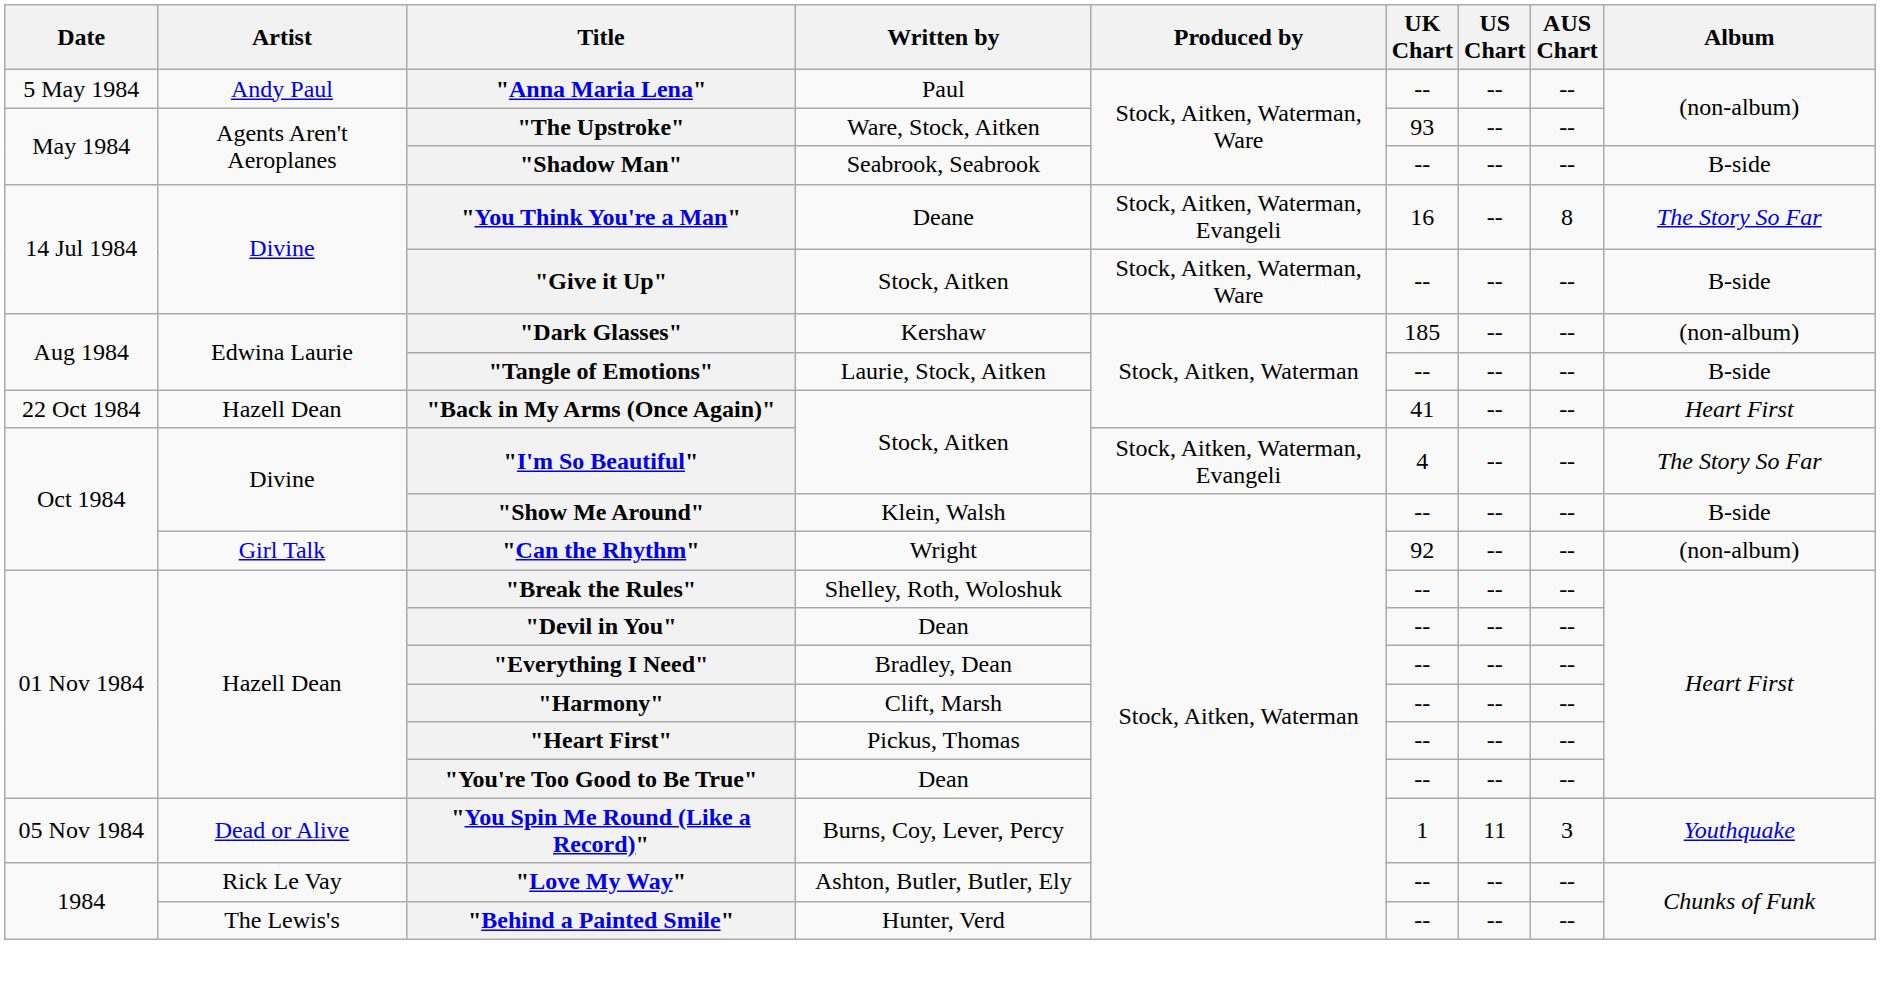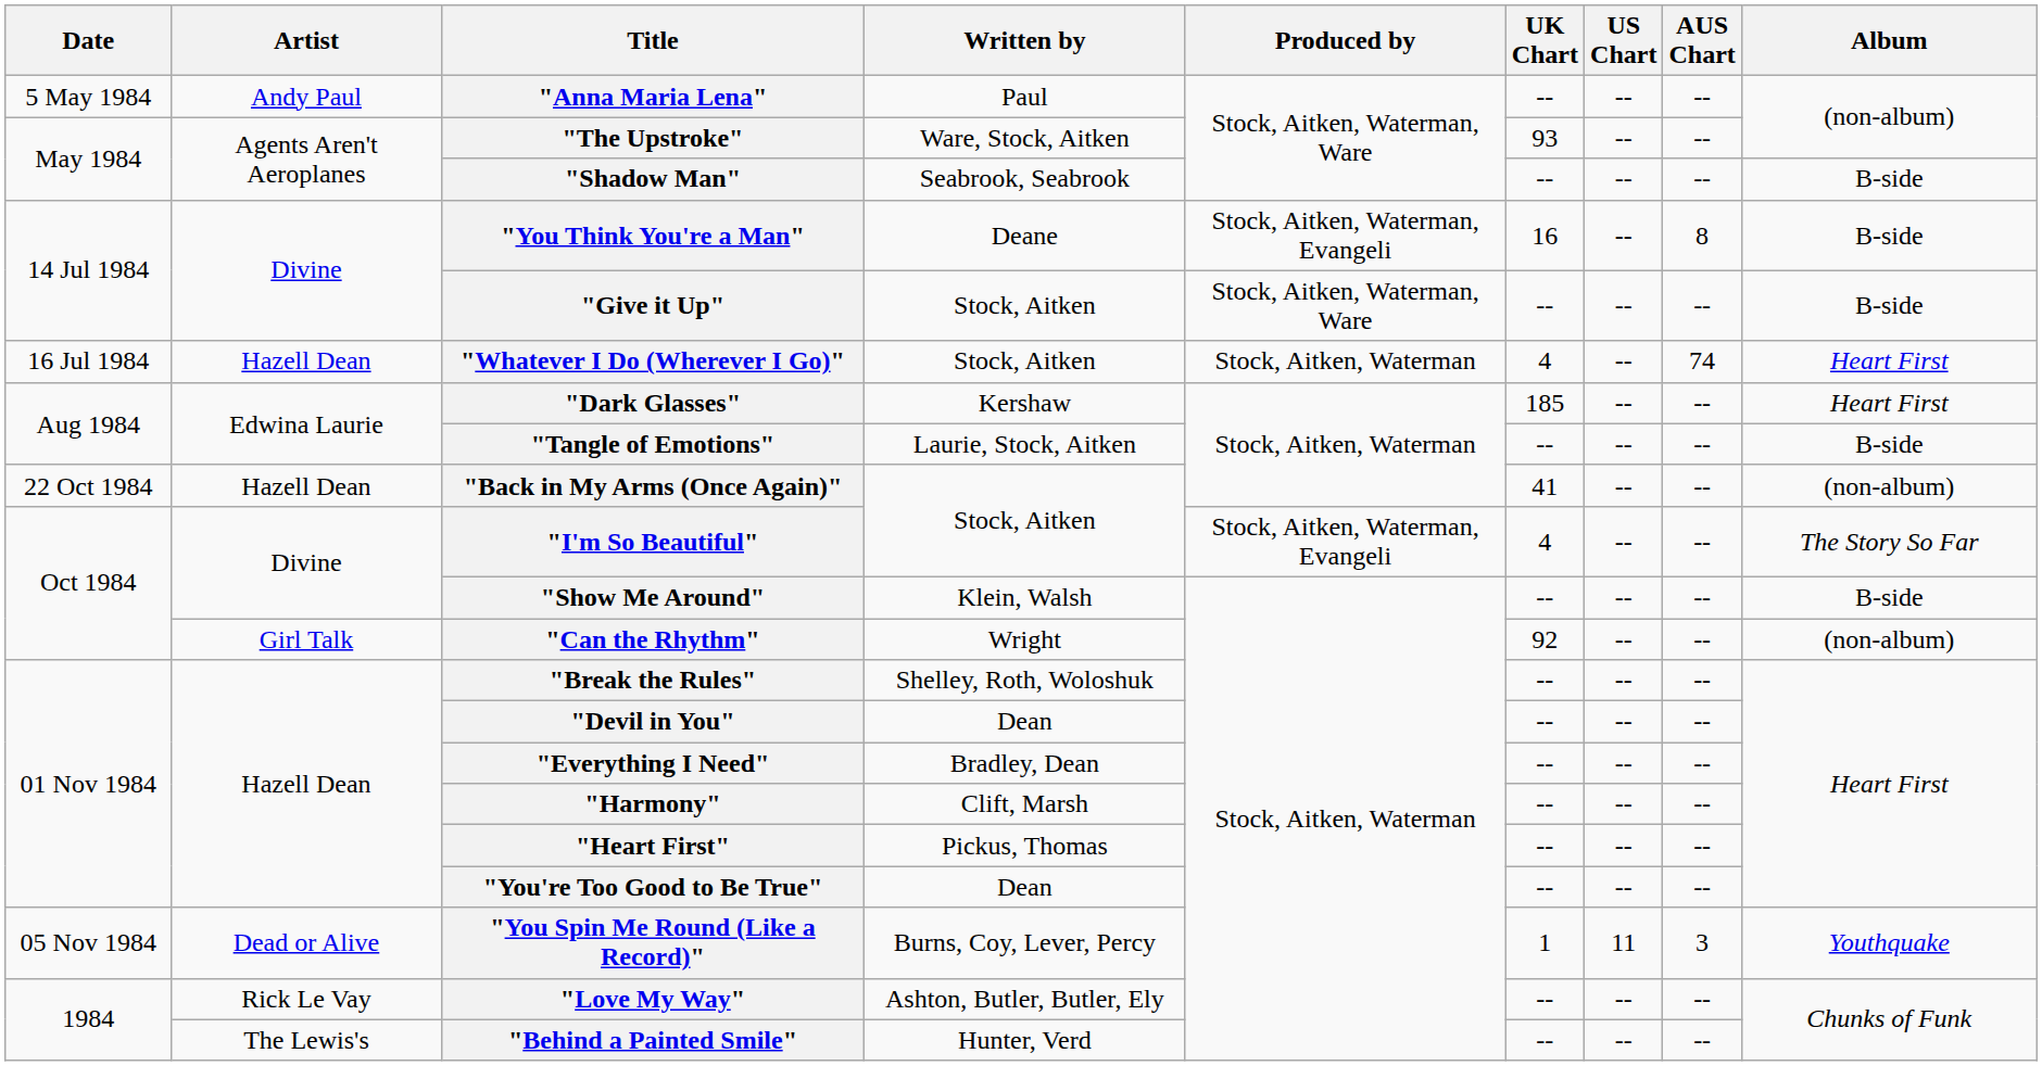 <table class="wikitable plainrowheaders" style="text-align:center;">
 <tr>
 <th scope="col" style="width:6em;">Date</th>
 <th scope="col" style="width:10em;">Artist</th>
 <th scope="col" style="width:16em;">Title</th>
 <th scope="col" style="width:12em;">Written by</th>
 <th scope="col" style="width:12em;">Produced by</th>
 <th scope="col" style="width:1em;">UK Chart</th>
 <th scope="col" style="width:1em;">US Chart</th>
 <th scope="col" style="width:1em;">AUS Chart</th>
 <th scope="col" style="width:11em;">Album</th>
 </tr>
 <tr>
 <td>5 May 1984</td>
 <td><a href='#'>Andy Paul</a></td>
 <th scope="row">"<a href='#'>Anna Maria Lena</a>"</th>
 <td>Paul</td>
 <td rowspan="3">Stock, Aitken, Waterman, Ware</td>
 <td>--</td>
 <td>--</td>
 <td>--</td>
 <td rowspan="2">(non-album)</td>
 </tr>
 <tr>
 <td rowspan="2">May 1984</td>
 <td rowspan="2">Agents Aren't Aeroplanes</td>
 <th scope="row">"The Upstroke"</th>
 <td>Ware, Stock, Aitken</td>
 <td>93</td>
 <td>--</td>
 <td>--</td>
 </tr>
 <tr>
 <th scope="row">"Shadow Man"</th>
 <td>Seabrook, Seabrook</td>
 <td>--</td>
 <td>--</td>
 <td>--</td>
 <td>B-side</td>
 </tr>
 <tr>
 <td rowspan="2">14 Jul 1984</td>
 <td rowspan="2"><a href='#'>Divine</a></td>
 <th scope="row">"<a href='#'>You Think You're a Man</a>"</th>
 <td>Deane</td>
 <td>Stock, Aitken, Waterman, Evangeli</td>
 <td>16</td>
 <td>--</td>
 <td>8</td>
-<td><em><a href='#'>The Story So Far</a></em></td>
+<td>B-side</td>
 </tr>
 <tr>
 <th scope="row">"Give it Up"</th>
 <td>Stock, Aitken</td>
 <td>Stock, Aitken, Waterman, Ware</td>
 <td>--</td>
 <td>--</td>
 <td>--</td>
 <td>B-side</td>
 </tr>
 <tr>
+<td>16 Jul 1984</td>
+<td><a href='#'>Hazell Dean</a></td>
+<th scope="row">"<a href='#'>Whatever I Do (Wherever I Go)</a>"</th>
+<td>Stock, Aitken</td>
+<td>Stock, Aitken, Waterman</td>
+<td>4</td>
+<td>--</td>
+<td>74</td>
+<td><em><a href='#'>Heart First</a></em></td>
+</tr>
+<tr>
 <td rowspan="2">Aug 1984</td>
 <td rowspan="2">Edwina Laurie</td>
 <th scope="row">"Dark Glasses"</th>
 <td>Kershaw</td>
 <td rowspan="3">Stock, Aitken, Waterman</td>
 <td>185</td>
 <td>--</td>
 <td>--</td>
-<td>(non-album)</td>
+<td><em>Heart First</em></td>
 </tr>
 <tr>
 <th scope="row">"Tangle of Emotions"</th>
 <td>Laurie, Stock, Aitken</td>
 <td>--</td>
 <td>--</td>
 <td>--</td>
 <td>B-side</td>
 </tr>
 <tr>
 <td>22 Oct 1984</td>
 <td>Hazell Dean</td>
 <th scope="row">"Back in My Arms (Once Again)"</th>
 <td rowspan="2">Stock, Aitken</td>
 <td>41</td>
 <td>--</td>
 <td>--</td>
-<td><em>Heart First</em></td>
+<td>(non-album)</td>
 </tr>
 <tr>
 <td rowspan="3'">Oct 1984</td>
 <td rowspan="2">Divine</td>
 <th scope="row">"<a href='#'>I'm So Beautiful</a>"</th>
 <td>Stock, Aitken, Waterman, Evangeli</td>
 <td>4</td>
 <td>--</td>
 <td>--</td>
 <td><em>The Story So Far</em></td>
 </tr>
 <tr>
 <th scope="row">"Show Me Around"</th>
 <td>Klein, Walsh</td>
 <td rowspan="11">Stock, Aitken, Waterman</td>
 <td>--</td>
 <td>--</td>
 <td>--</td>
 <td>B-side</td>
 </tr>
 <tr>
 <td><a href='#'>Girl Talk</a></td>
 <th scope="row">"<a href='#'>Can the Rhythm</a>"</th>
 <td>Wright</td>
 <td>92</td>
 <td>--</td>
 <td>--</td>
 <td>(non-album)</td>
 </tr>
 <tr>
 <td rowspan="6">01 Nov 1984</td>
 <td rowspan="6">Hazell Dean</td>
 <th scope="row">"Break the Rules"</th>
 <td>Shelley, Roth, Woloshuk</td>
 <td>--</td>
 <td>--</td>
 <td>--</td>
 <td rowspan="6"><em>Heart First</em></td>
 </tr>
 <tr>
 <th scope="row">"Devil in You"</th>
 <td>Dean</td>
 <td>--</td>
 <td>--</td>
 <td>--</td>
 </tr>
 <tr>
 <th scope="row">"Everything I Need"</th>
 <td>Bradley, Dean</td>
 <td>--</td>
 <td>--</td>
 <td>--</td>
 </tr>
 <tr>
 <th scope="row">"Harmony"</th>
 <td>Clift, Marsh</td>
 <td>--</td>
 <td>--</td>
 <td>--</td>
 </tr>
 <tr>
 <th scope="row">"Heart First"</th>
 <td>Pickus, Thomas</td>
 <td>--</td>
 <td>--</td>
 <td>--</td>
 </tr>
 <tr>
 <th scope="row">"You're Too Good to Be True"</th>
 <td>Dean</td>
 <td>--</td>
 <td>--</td>
 <td>--</td>
 </tr>
 <tr>
 <td>05 Nov 1984</td>
 <td><a href='#'>Dead or Alive</a></td>
 <th scope="row">"<a href='#'>You Spin Me Round (Like a Record)</a>"</th>
 <td>Burns, Coy, Lever, Percy</td>
 <td>1</td>
 <td>11</td>
 <td>3</td>
 <td><em><a href='#'>Youthquake</a></em></td>
 </tr>
 <tr>
 <td rowspan="2">1984</td>
 <td>Rick Le Vay</td>
 <th scope="row">"<a href='#'>Love My Way</a>"</th>
 <td>Ashton, Butler, Butler, Ely</td>
 <td>--</td>
 <td>--</td>
 <td>--</td>
 <td rowspan="2"><em>Chunks of Funk</em></td>
 </tr>
 <tr>
 <td>The Lewis's</td>
 <th scope="row">"<a href='#'>Behind a Painted Smile</a>"</th>
 <td>Hunter, Verd</td>
 <td>--</td>
 <td>--</td>
 <td>--</td>
 </tr>
 </table>
